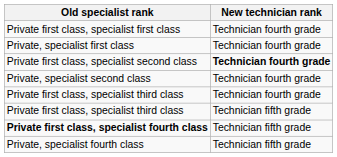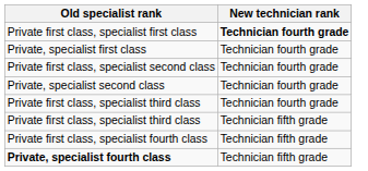 <table class="wikitable">
 <tr>
 <th>Old specialist rank</th>
 <th>New technician rank</th>
 </tr>
 <tr>
 <td>Private first class, specialist first class</td>
-<td>Technician fourth grade</td>
+<td><strong>Technician fourth grade</strong></td>
 </tr>
 <tr>
 <td>Private, specialist first class</td>
 <td>Technician fourth grade</td>
 </tr>
 <tr>
 <td>Private first class, specialist second class</td>
-<td><strong>Technician fourth grade</strong></td>
+<td>Technician fourth grade</td>
 </tr>
 <tr>
 <td>Private, specialist second class</td>
 <td>Technician fourth grade</td>
 </tr>
 <tr>
 <td>Private first class, specialist third class</td>
 <td>Technician fourth grade</td>
 </tr>
 <tr>
 <td>Private first class, specialist third class</td>
 <td>Technician fifth grade</td>
 </tr>
 <tr>
-<td><strong>Private first class, specialist fourth class</strong></td>
+<td>Private first class, specialist fourth class</td>
 <td>Technician fifth grade</td>
 </tr>
 <tr>
-<td>Private, specialist fourth class</td>
+<td><strong>Private, specialist fourth class</strong></td>
 <td>Technician fifth grade</td>
 </tr>
 </table>
